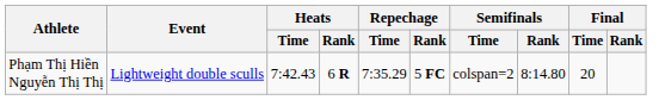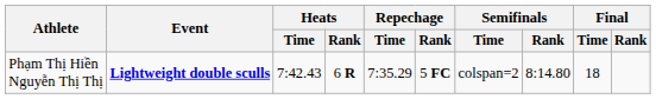 <table class="wikitable" style="font-size:90%;">
 <tr>
 <th rowspan="2">Athlete</th>
 <th rowspan="2">Event</th>
 <th colspan="2">Heats</th>
 <th colspan="2">Repechage</th>
 <th colspan="2">Semifinals</th>
 <th colspan="2">Final</th>
 </tr>
 <tr style="font-size:95%">
 <th>Time</th>
 <th>Rank</th>
 <th>Time</th>
 <th>Rank</th>
 <th>Time</th>
 <th>Rank</th>
 <th>Time</th>
 <th>Rank</th>
 </tr>
 <tr align=center>
 <td align=left>Phạm Thị Hiền<br>Nguyễn Thị Thị</td>
-<td align=left><a href='#'>Lightweight double sculls</a></td>
+<td align=left><strong><a href='#'>Lightweight double sculls</a></strong></td>
 <td>7:42.43</td>
 <td>6 <strong>R</strong></td>
 <td>7:35.29</td>
 <td>5 <strong>FC</strong></td>
 <td>colspan=2 </td>
 <td>8:14.80</td>
-<td>20</td>
+<td>18</td>
 </tr>
 </table>
